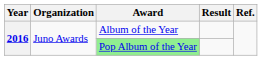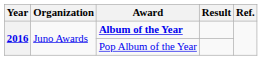 <table class="wikitable plainrowheaders">
 <tr>
 <th>Year</th>
 <th>Organization</th>
 <th>Award</th>
 <th>Result</th>
 <th>Ref.</th>
 </tr>
 <tr>
 <th scope="row" rowspan=2><a href='#'>2016</a></th>
 <td rowspan=2><a href='#'>Juno Awards</a></td>
-<td><a href='#'>Album of the Year</a></td>
+<td><strong><a href='#'>Album of the Year</a></strong></td>
 <td></td>
 <td rowspan=2></td>
 </tr>
 <tr>
-<td style="background: lightgreen;"><a href='#'>Pop Album of the Year</a></td>
+<td><a href='#'>Pop Album of the Year</a></td>
 <td></td>
 </tr>
 </table>
